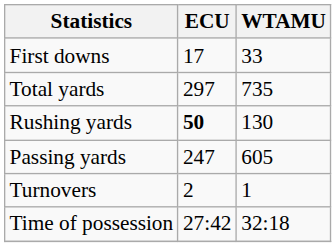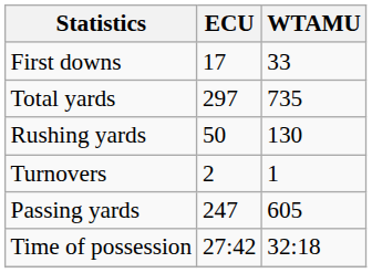 <table class="wikitable">
 <tr>
 <th>Statistics</th>
 <th>ECU</th>
 <th>WTAMU</th>
 </tr>
 <tr>
 <td>First downs</td>
 <td>17</td>
 <td>33</td>
 </tr>
 <tr>
 <td>Total yards</td>
 <td>297</td>
 <td>735</td>
 </tr>
 <tr>
 <td>Rushing yards</td>
-<td><strong>50</strong></td>
+<td>50</td>
 <td>130</td>
+</tr>
+<tr>
+<td>Turnovers</td>
+<td>2</td>
+<td>1</td>
 </tr>
 <tr>
 <td>Passing yards</td>
 <td>247</td>
 <td>605</td>
-</tr>
-<tr>
-<td>Turnovers</td>
-<td>2</td>
-<td>1</td>
 </tr>
 <tr>
 <td>Time of possession</td>
 <td>27:42</td>
 <td>32:18</td>
 </tr>
 <tr>
 </tr>
 </table>
